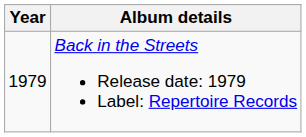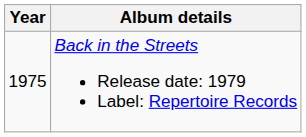 <table class="wikitable" style="text-align:center;">
 <tr>
 <th>Year</th>
 <th>Album details</th>
 </tr>
 <tr>
-<td>1979</td>
+<td>1975</td>
 <td style="text-align:left;"><em><a href='#'>Back in the Streets</a></em><br><ul><li>Release date: 1979</li><li>Label: <a href='#'>Repertoire Records</a></li></ul></td>
 </tr>
 </table>
